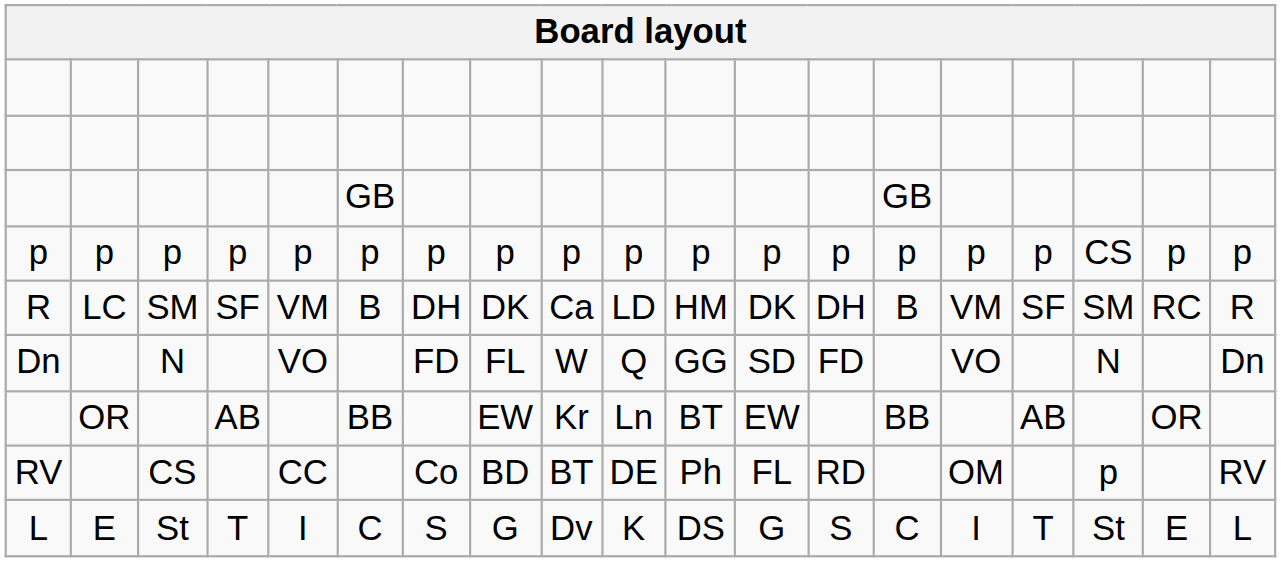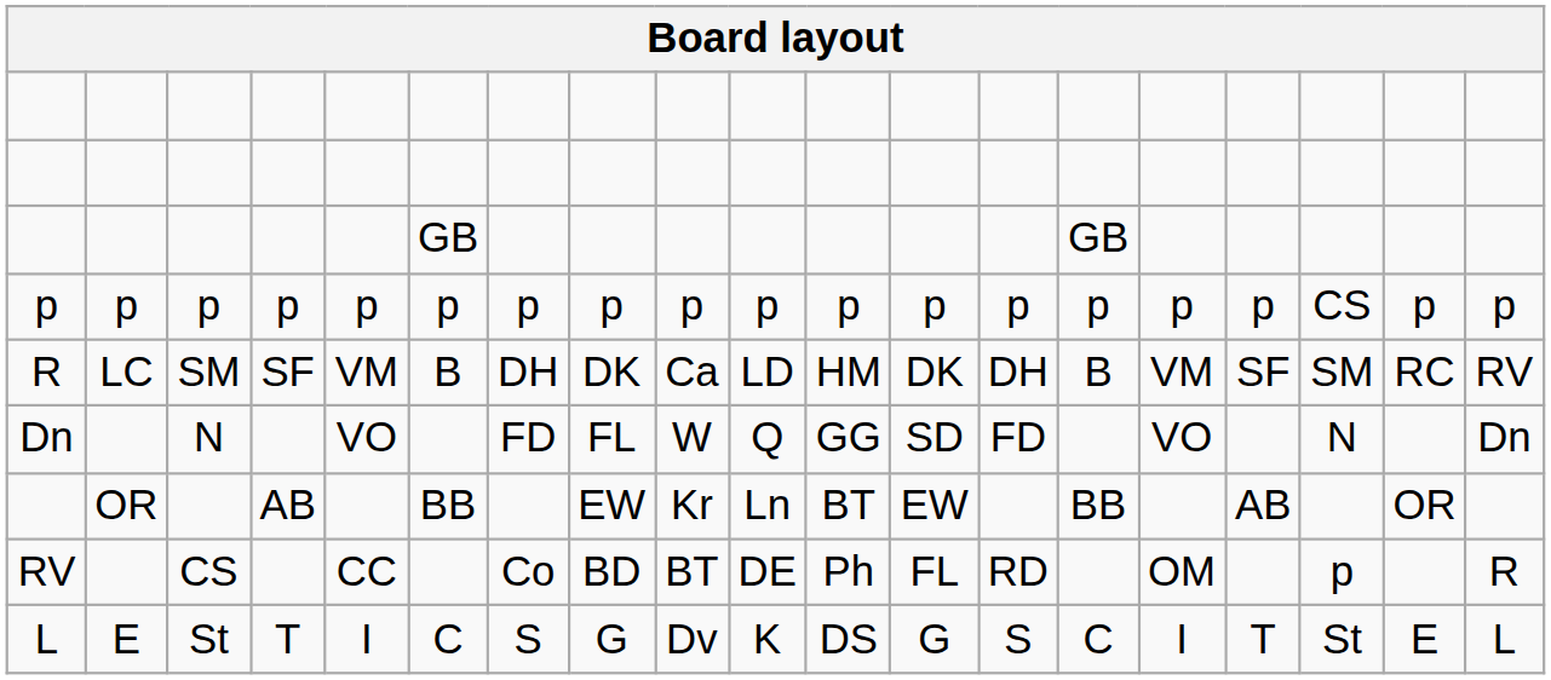 <table class=wikitable style="margin:1em auto;">
 <tr align=center>
 <th colspan="19">Board layout</th>
 </tr>
 <tr align=center>
 <td> </td>
 <td> </td>
 <td> </td>
 <td> </td>
 <td> </td>
 <td> </td>
 <td> </td>
 <td> </td>
 <td> </td>
 <td> </td>
 <td> </td>
 <td> </td>
 <td> </td>
 <td> </td>
 <td> </td>
 <td> </td>
 <td> </td>
 <td> </td>
 <td> </td>
 </tr>
 <tr align=center>
 <td> </td>
 <td> </td>
 <td> </td>
 <td> </td>
 <td> </td>
 <td> </td>
 <td> </td>
 <td> </td>
 <td> </td>
 <td> </td>
 <td> </td>
 <td> </td>
 <td> </td>
 <td> </td>
 <td> </td>
 <td> </td>
 <td> </td>
 <td> </td>
 <td> </td>
 </tr>
 <tr align=center>
 <td> </td>
 <td> </td>
 <td> </td>
 <td> </td>
 <td> </td>
 <td>GB</td>
 <td> </td>
 <td> </td>
 <td> </td>
 <td> </td>
 <td> </td>
 <td> </td>
 <td> </td>
 <td>GB</td>
 <td> </td>
 <td> </td>
 <td> </td>
 <td> </td>
 <td> </td>
 </tr>
 <tr align=center>
 <td>p</td>
 <td>p</td>
 <td>p</td>
 <td>p</td>
 <td>p</td>
 <td>p</td>
 <td>p</td>
 <td>p</td>
 <td>p</td>
 <td>p</td>
 <td>p</td>
 <td>p</td>
 <td>p</td>
 <td>p</td>
 <td>p</td>
 <td>p</td>
 <td>CS</td>
 <td>p</td>
 <td>p</td>
 </tr>
 <tr align=center>
 <td>R</td>
 <td>LC</td>
 <td>SM</td>
 <td>SF</td>
 <td>VM</td>
 <td>B</td>
 <td>DH</td>
 <td>DK</td>
 <td>Ca</td>
 <td>LD</td>
 <td>HM</td>
 <td>DK</td>
 <td>DH</td>
 <td>B</td>
 <td>VM</td>
 <td>SF</td>
 <td>SM</td>
 <td>RC</td>
-<td>R</td>
+<td>RV</td>
 </tr>
 <tr align=center>
 <td>Dn</td>
 <td> </td>
 <td>N</td>
 <td> </td>
 <td>VO</td>
 <td> </td>
 <td>FD</td>
 <td>FL</td>
 <td>W</td>
 <td>Q</td>
 <td>GG</td>
 <td>SD</td>
 <td>FD</td>
 <td> </td>
 <td>VO</td>
 <td> </td>
 <td>N</td>
 <td> </td>
 <td>Dn</td>
 </tr>
 <tr align=center>
 <td> </td>
 <td>OR</td>
 <td> </td>
 <td>AB</td>
 <td> </td>
 <td>BB</td>
 <td> </td>
 <td>EW</td>
 <td>Kr</td>
 <td>Ln</td>
 <td>BT</td>
 <td>EW</td>
 <td> </td>
 <td>BB</td>
 <td> </td>
 <td>AB</td>
 <td> </td>
 <td>OR</td>
 <td> </td>
 </tr>
 <tr align=center>
 <td>RV</td>
 <td> </td>
 <td>CS</td>
 <td> </td>
 <td>CC</td>
 <td> </td>
 <td>Co</td>
 <td>BD</td>
 <td>BT</td>
 <td>DE</td>
 <td>Ph</td>
 <td>FL</td>
 <td>RD</td>
 <td> </td>
 <td>OM</td>
 <td> </td>
 <td>p</td>
 <td> </td>
-<td>RV</td>
+<td>R</td>
 </tr>
 <tr align=center>
 <td>L</td>
 <td>E</td>
 <td>St</td>
 <td>T</td>
 <td>I</td>
 <td>C</td>
 <td>S</td>
 <td>G</td>
 <td>Dv</td>
 <td>K</td>
 <td>DS</td>
 <td>G</td>
 <td>S</td>
 <td>C</td>
 <td>I</td>
 <td>T</td>
 <td>St</td>
 <td>E</td>
 <td>L</td>
 </tr>
 </table>
